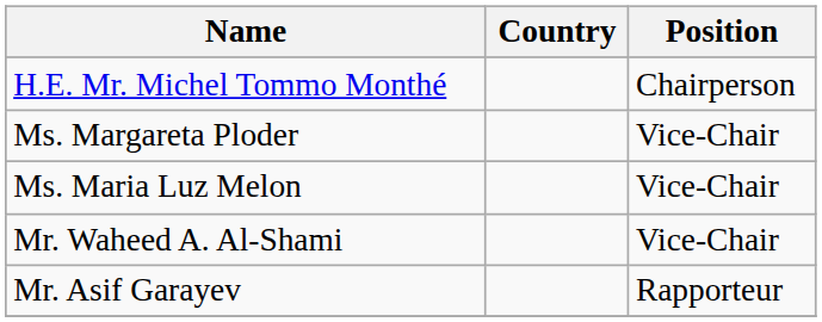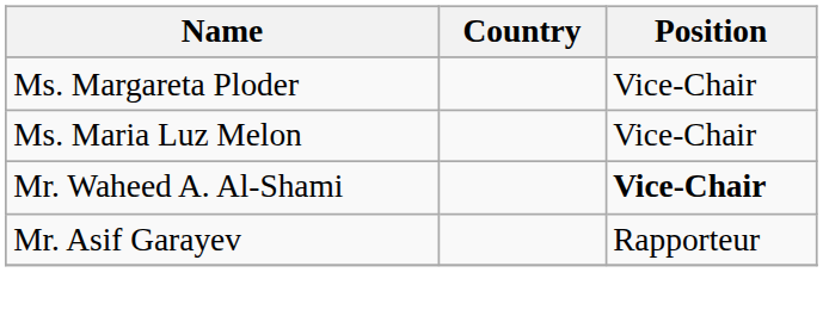 <table class="wikitable" style="display: inline-table; width: 45%">
 <tr>
 <th>Name</th>
 <th>Country</th>
 <th>Position</th>
-</tr>
-<tr>
-<td><a href='#'>H.E. Mr. Michel Tommo Monthé</a></td>
-<td></td>
-<td>Chairperson</td>
 </tr>
 <tr>
 <td>Ms. Margareta Ploder</td>
 <td></td>
 <td>Vice-Chair</td>
 </tr>
 <tr>
 <td>Ms. Maria Luz Melon</td>
 <td></td>
 <td>Vice-Chair</td>
 </tr>
 <tr>
 <td>Mr. Waheed A. Al-Shami</td>
 <td></td>
-<td>Vice-Chair</td>
+<td><strong>Vice-Chair</strong></td>
 </tr>
 <tr>
 <td>Mr. Asif Garayev</td>
 <td></td>
 <td>Rapporteur</td>
 </tr>
 <tr>
 </tr>
 </table>
